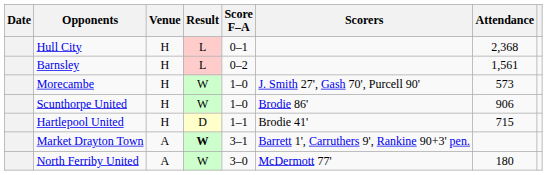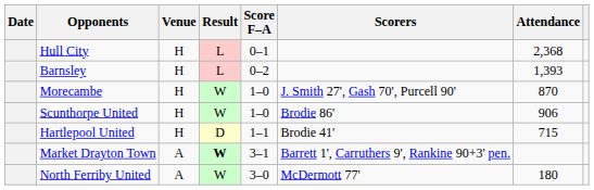 <table class="wikitable plainrowheaders sortable" style="text-align:center">
 <tr>
 <th scope=col>Date</th>
 <th scope=col>Opponents</th>
 <th scope=col>Venue</th>
 <th scope=col>Result</th>
 <th scope=col>Score<br>F–A</th>
 <th scope=col class=unsortable>Scorers</th>
 <th scope=col>Attendance</th>
 <th scope=col class=unsortable></th>
 </tr>
 <tr>
 <th scope=row></th>
 <td align=left><a href='#'>Hull City</a></td>
 <td>H</td>
 <td style=background-color:#FFCCCC>L</td>
 <td>0–1</td>
 <td align=left></td>
 <td>2,368</td>
 <td></td>
 </tr>
 <tr>
 <th scope=row></th>
 <td align=left><a href='#'>Barnsley</a></td>
 <td>H</td>
 <td style=background-color:#FFCCCC>L</td>
 <td>0–2</td>
 <td align=left></td>
-<td>1,561</td>
+<td>1,393</td>
 <td></td>
 </tr>
 <tr>
 <th scope=row></th>
 <td align=left><a href='#'>Morecambe</a></td>
 <td>H</td>
 <td style=background-color:#CCFFCC>W</td>
 <td>1–0</td>
 <td align=left><a href='#'>J. Smith</a> 27', <a href='#'>Gash</a> 70', Purcell 90'</td>
-<td>573</td>
+<td>870</td>
 <td></td>
 </tr>
 <tr>
 <th scope=row></th>
 <td align=left><a href='#'>Scunthorpe United</a></td>
 <td>H</td>
 <td style=background-color:#CCFFCC>W</td>
 <td>1–0</td>
 <td align=left><a href='#'>Brodie</a> 86'</td>
 <td>906</td>
 <td></td>
 </tr>
 <tr>
 <th scope=row></th>
 <td align=left><a href='#'>Hartlepool United</a></td>
 <td>H</td>
 <td style="background-color:#FFFFCC">D</td>
 <td>1–1</td>
 <td align=left>Brodie 41'</td>
 <td>715</td>
 <td></td>
 </tr>
 <tr>
 <th scope=row></th>
 <td align=left><a href='#'>Market Drayton Town</a></td>
 <td>A</td>
 <td style=background-color:#CCFFCC><strong>W</strong></td>
 <td>3–1</td>
 <td align=left><a href='#'>Barrett</a> 1', <a href='#'>Carruthers</a> 9', <a href='#'>Rankine</a> 90+3' <a href='#'>pen.</a></td>
 <td></td>
 <td></td>
 </tr>
 <tr>
 <th scope=row></th>
 <td align=left><a href='#'>North Ferriby United</a></td>
 <td>A</td>
 <td style=background-color:#CCFFCC>W</td>
 <td>3–0</td>
 <td align=left><a href='#'>McDermott</a> 77'</td>
 <td>180</td>
 <td></td>
 </tr>
 </table>
